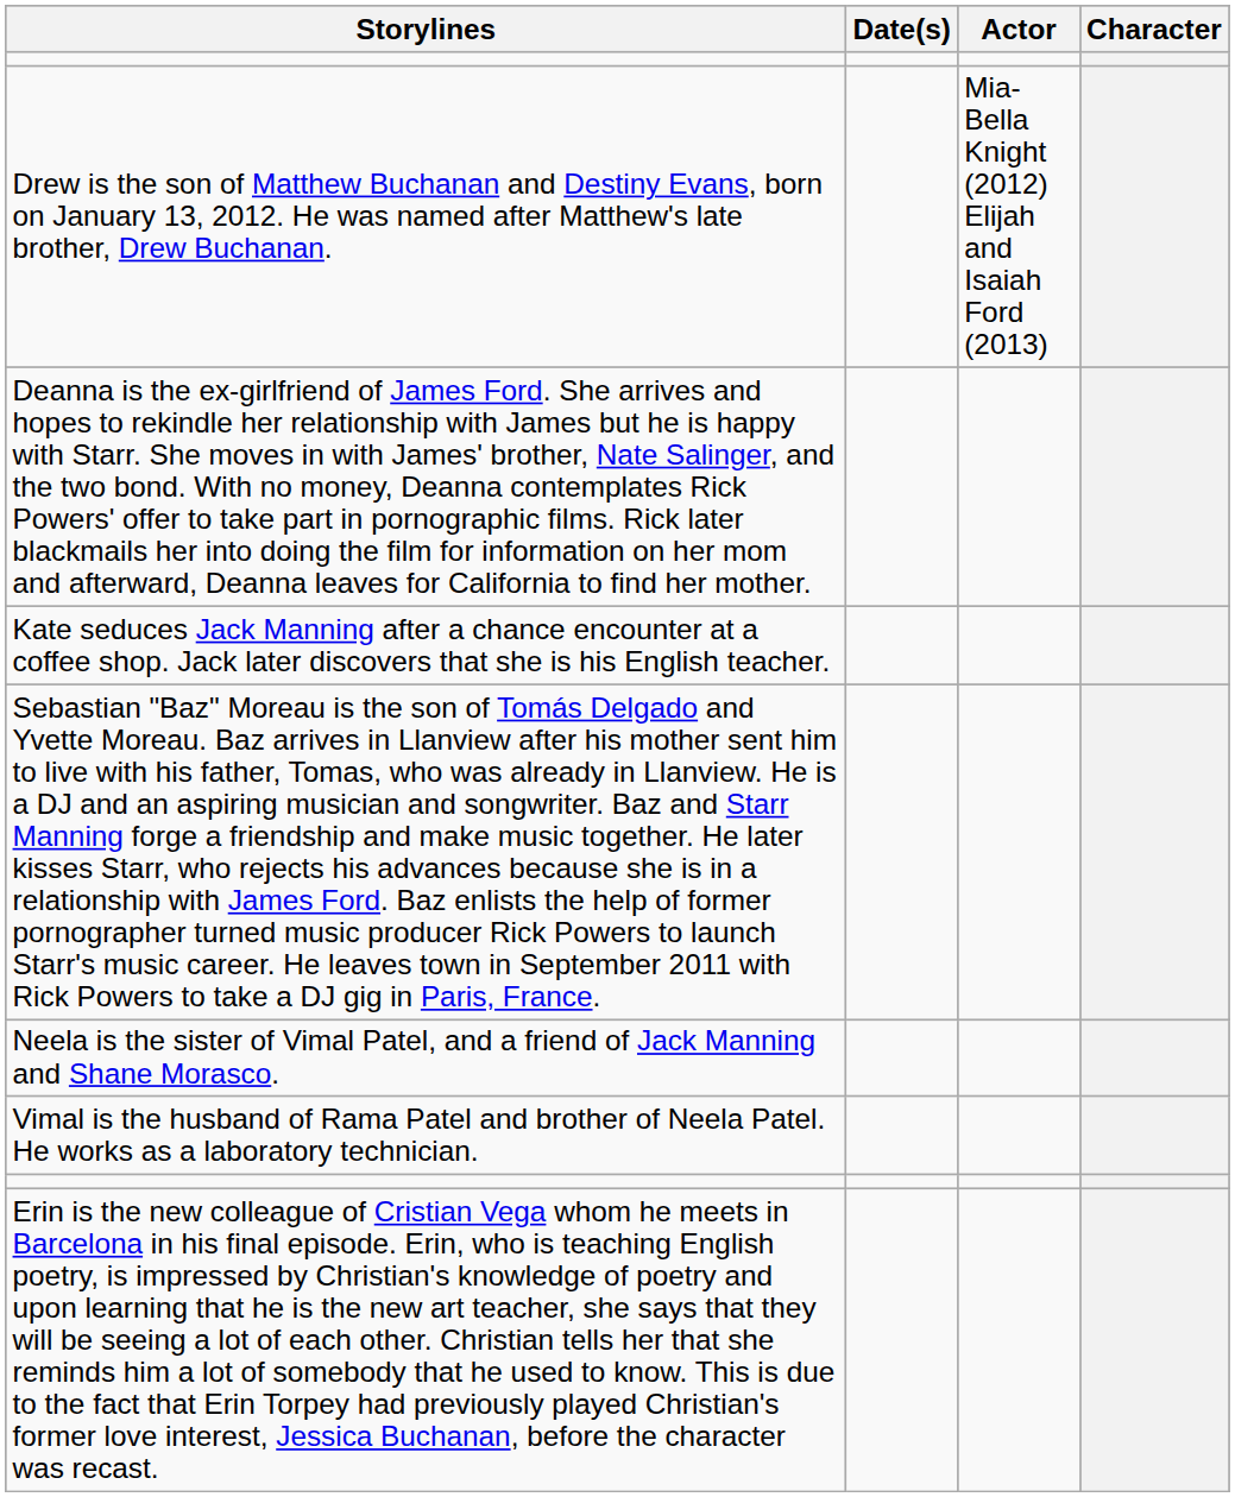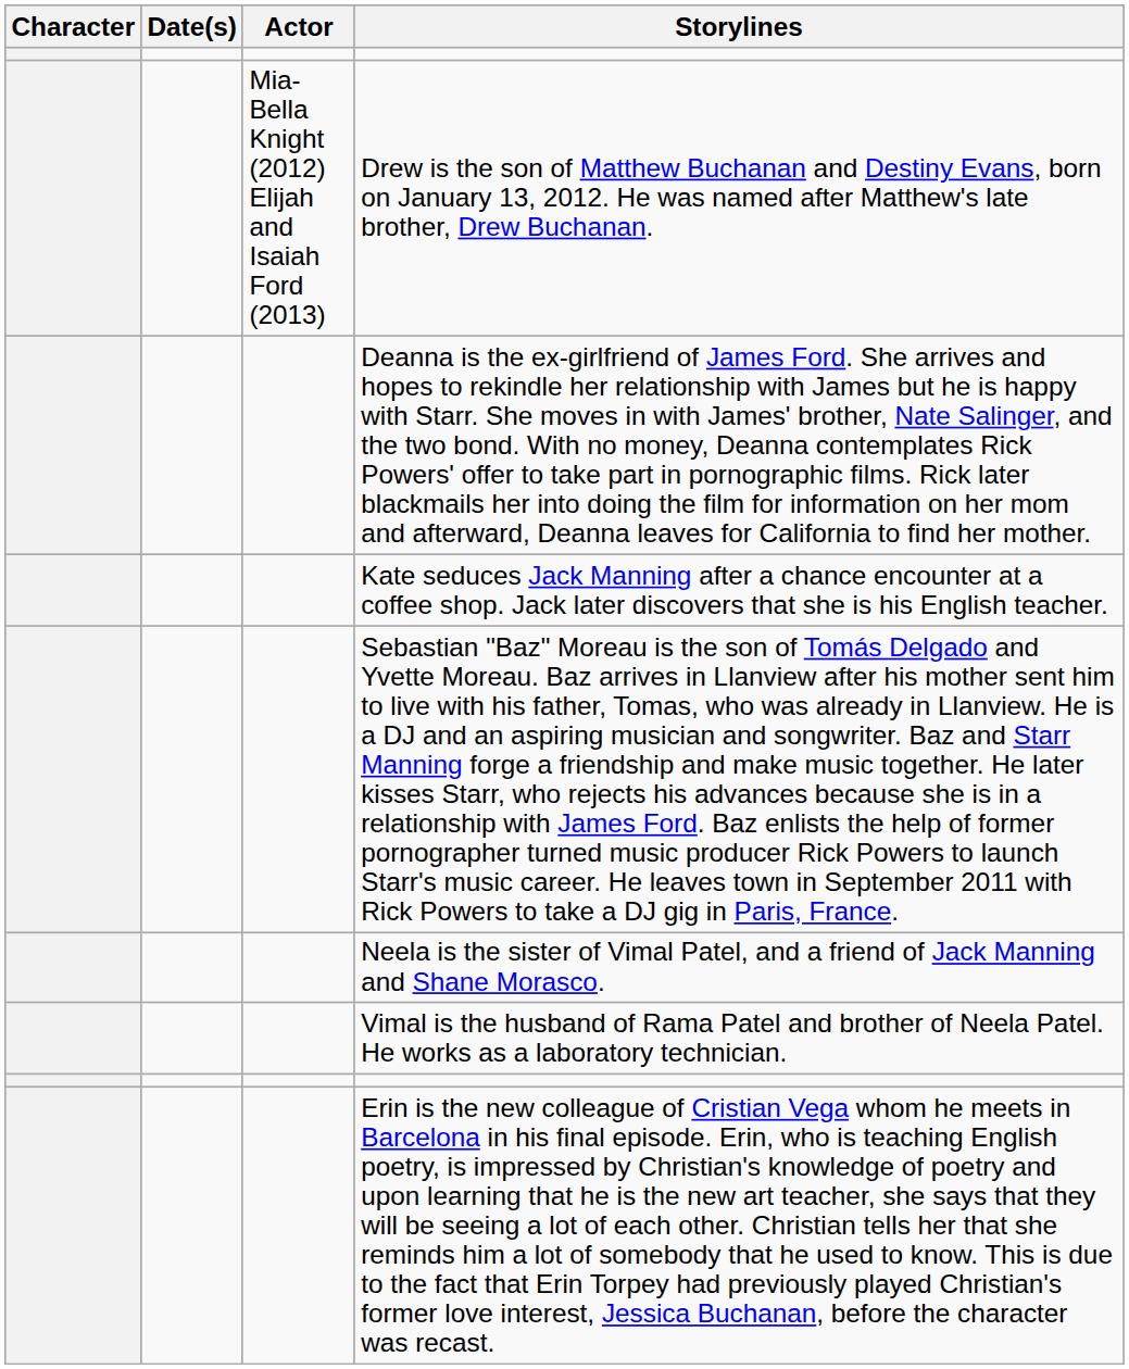 <table class="wikitable plainrowheaders" style="font-size:90%">
 <tr>
-<th scope="col">Storylines</th>
+<th scope="col">Character</th>
 <th scope="col">Date(s)</th>
 <th scope="col">Actor</th>
-<th scope="col">Character</th>
+<th scope="col">Storylines</th>
 </tr>
 <tr>
+<th scope="row"><strong></strong></th>
 <td></td>
 <td></td>
 <td></td>
-<th scope="row"><strong></strong></th>
 </tr>
 <tr>
-<td>Drew is the son of <a href='#'>Matthew Buchanan</a> and <a href='#'>Destiny Evans</a>, born on January 13, 2012. He was named after Matthew's late brother, <a href='#'>Drew Buchanan</a>.</td>
+<th scope="row"><strong></strong></th>
 <td></td>
 <td>Mia-Bella Knight (2012)<br>Elijah and Isaiah Ford (2013)</td>
-<th scope="row"><strong></strong></th>
+<td>Drew is the son of <a href='#'>Matthew Buchanan</a> and <a href='#'>Destiny Evans</a>, born on January 13, 2012. He was named after Matthew's late brother, <a href='#'>Drew Buchanan</a>.</td>
 </tr>
 <tr>
-<td>Deanna is the ex-girlfriend of <a href='#'>James Ford</a>. She arrives and hopes to rekindle her relationship with James but he is happy with Starr. She moves in with James' brother, <a href='#'>Nate Salinger</a>, and the two bond. With no money, Deanna contemplates Rick Powers' offer to take part in pornographic films. Rick later blackmails her into doing the film for information on her mom and afterward, Deanna leaves for California to find her mother.</td>
+<th scope="row"><strong></strong></th>
 <td></td>
 <td></td>
-<th scope="row"><strong></strong></th>
+<td>Deanna is the ex-girlfriend of <a href='#'>James Ford</a>. She arrives and hopes to rekindle her relationship with James but he is happy with Starr. She moves in with James' brother, <a href='#'>Nate Salinger</a>, and the two bond. With no money, Deanna contemplates Rick Powers' offer to take part in pornographic films. Rick later blackmails her into doing the film for information on her mom and afterward, Deanna leaves for California to find her mother.</td>
 </tr>
 <tr>
-<td>Kate seduces <a href='#'>Jack Manning</a> after a chance encounter at a coffee shop. Jack later discovers that she is his English teacher.</td>
+<th scope="row"><strong></strong></th>
 <td></td>
 <td></td>
-<th scope="row"><strong></strong></th>
+<td>Kate seduces <a href='#'>Jack Manning</a> after a chance encounter at a coffee shop. Jack later discovers that she is his English teacher.</td>
 </tr>
 <tr>
-<td>Sebastian "Baz" Moreau is the son of <a href='#'>Tomás Delgado</a> and Yvette Moreau. Baz arrives in Llanview after his mother sent him to live with his father, Tomas, who was already in Llanview. He is a DJ and an aspiring musician and songwriter.  Baz and <a href='#'>Starr Manning</a> forge a friendship and make music together.  He later kisses Starr, who rejects his advances because she is in a relationship with <a href='#'>James Ford</a>. Baz enlists the help of former pornographer turned music producer Rick Powers to launch Starr's music career. He leaves town in September 2011 with Rick Powers to take a DJ gig in <a href='#'>Paris, France</a>.</td>
+<th scope="row"><strong></strong></th>
 <td></td>
 <td></td>
-<th scope="row"><strong></strong></th>
+<td>Sebastian "Baz" Moreau is the son of <a href='#'>Tomás Delgado</a> and Yvette Moreau. Baz arrives in Llanview after his mother sent him to live with his father, Tomas, who was already in Llanview. He is a DJ and an aspiring musician and songwriter.  Baz and <a href='#'>Starr Manning</a> forge a friendship and make music together.  He later kisses Starr, who rejects his advances because she is in a relationship with <a href='#'>James Ford</a>. Baz enlists the help of former pornographer turned music producer Rick Powers to launch Starr's music career. He leaves town in September 2011 with Rick Powers to take a DJ gig in <a href='#'>Paris, France</a>.</td>
 </tr>
 <tr>
-<td>Neela is the sister of Vimal Patel, and a friend of <a href='#'>Jack Manning</a> and <a href='#'>Shane Morasco</a>.</td>
+<th scope="row"><strong></strong></th>
 <td></td>
 <td></td>
-<th scope="row"><strong></strong></th>
+<td>Neela is the sister of Vimal Patel, and a friend of <a href='#'>Jack Manning</a> and <a href='#'>Shane Morasco</a>.</td>
 </tr>
 <tr>
-<td>Vimal is the husband of Rama Patel and brother of Neela Patel. He works as a laboratory technician.</td>
+<th scope="row"><strong></strong></th>
 <td></td>
 <td></td>
-<th scope="row"><strong></strong></th>
+<td>Vimal is the husband of Rama Patel and brother of Neela Patel. He works as a laboratory technician.</td>
 </tr>
 <tr>
+<th scope="row"><strong></strong></th>
 <td></td>
 <td></td>
 <td></td>
-<th scope="row"><strong></strong></th>
 </tr>
 <tr>
-<td>Erin is the new colleague of <a href='#'>Cristian Vega</a> whom he meets in <a href='#'>Barcelona</a> in his final episode. Erin, who is teaching English poetry, is impressed by Christian's knowledge of poetry and upon learning that he is the new art teacher, she says that they will be seeing a lot of each other. Christian tells her that she reminds him a lot of somebody that he used to know. This is due to the fact that Erin Torpey had previously played Christian's former love interest, <a href='#'>Jessica Buchanan</a>, before the character was recast.</td>
+<th scope="row"><strong></strong></th>
 <td></td>
 <td></td>
-<th scope="row"><strong></strong></th>
+<td>Erin is the new colleague of <a href='#'>Cristian Vega</a> whom he meets in <a href='#'>Barcelona</a> in his final episode. Erin, who is teaching English poetry, is impressed by Christian's knowledge of poetry and upon learning that he is the new art teacher, she says that they will be seeing a lot of each other. Christian tells her that she reminds him a lot of somebody that he used to know. This is due to the fact that Erin Torpey had previously played Christian's former love interest, <a href='#'>Jessica Buchanan</a>, before the character was recast.</td>
 </tr>
 </table>
